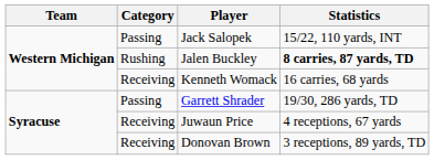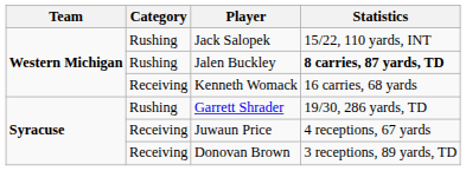 <table class="wikitable" style="float: right;">
 <tr>
 <th>Team</th>
 <th>Category</th>
 <th>Player</th>
 <th>Statistics</th>
 </tr>
 <tr>
 <td rowspan=3><strong>Western Michigan</strong></td>
-<td>Passing</td>
+<td>Rushing</td>
 <td>Jack Salopek</td>
 <td>15/22, 110 yards, INT</td>
 </tr>
 <tr>
 <td>Rushing</td>
 <td>Jalen Buckley</td>
 <td><strong>8 carries, 87 yards, TD</strong></td>
 </tr>
 <tr>
 <td>Receiving</td>
 <td>Kenneth Womack</td>
 <td>16 carries, 68 yards</td>
 </tr>
 <tr>
 <td rowspan=3><strong>Syracuse</strong></td>
-<td>Passing</td>
+<td>Rushing</td>
 <td><a href='#'>Garrett Shrader</a></td>
 <td>19/30, 286 yards, TD</td>
 </tr>
 <tr>
 <td>Receiving</td>
 <td>Juwaun Price</td>
 <td>4 receptions, 67 yards</td>
 </tr>
 <tr>
 <td>Receiving</td>
 <td>Donovan Brown</td>
 <td>3 receptions, 89 yards, TD</td>
 </tr>
 </table>
